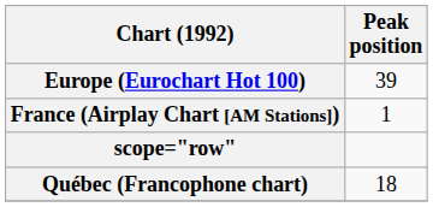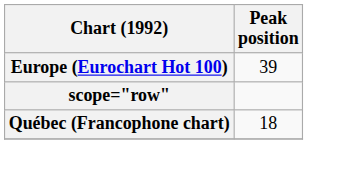 <table class="wikitable sortable plainrowheaders">
 <tr>
 <th>Chart (1992)</th>
 <th>Peak<br>position</th>
 </tr>
 <tr>
 <th scope="row">Europe (<a href='#'>Eurochart Hot 100</a>)</th>
 <td align="center">39</td>
-</tr>
-<tr>
-<th scope="row">France (Airplay Chart <small>[AM Stations]</small>)</th>
-<td align="center">1</td>
 </tr>
 <tr>
 <th>scope="row"</th>
 </tr>
 <tr>
 <th scope="row">Québec (Francophone chart)</th>
 <td align="center">18</td>
 </tr>
 <tr>
 </tr>
 </table>
